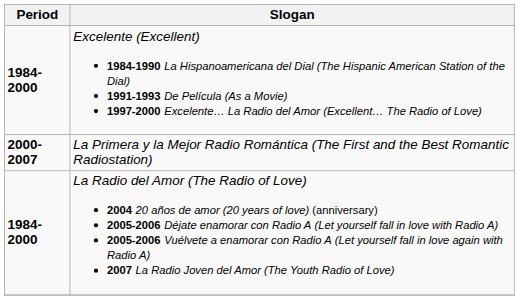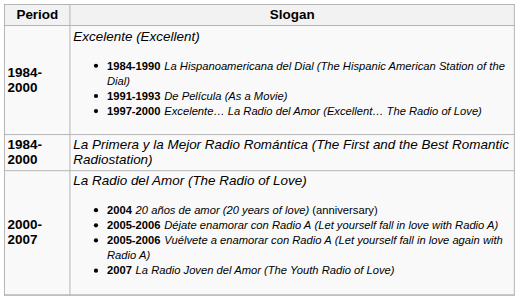 <table class="wikitable">
 <tr>
 <th>Period</th>
 <th>Slogan</th>
 </tr>
 <tr>
 <td><strong>1984-2000</strong></td>
 <td><em>Excelente</em> <em>(Excellent)</em><br><ul><li><small><strong>1984-1990</strong></small> <small><em>La Hispanoamericana del Dial</em> <em>(The Hispanic American Station of the Dial)</em></small></li><li><small><strong>1991-1993</strong></small> <small><em>De Película</em> <em>(As a Movie)</em></small></li><li><small><strong>1997-2000</strong></small> <small><em>Excelente… La Radio del Amor</em> <em>(Excellent… The Radio of Love)</em></small></li></ul></td>
 </tr>
 <tr>
-<td><strong>2000-2007</strong></td>
+<td><strong>1984-2000</strong></td>
 <td><em>La Primera y la Mejor Radio Romántica</em> <em>(The First and the Best Romantic Radiostation)</em></td>
 </tr>
 <tr>
-<td><strong>1984-2000</strong></td>
+<td><strong>2000-2007</strong></td>
 <td><em>La Radio del Amor</em> <em>(The Radio of Love)</em><br><ul><li><small><strong>2004</strong></small> <small><em>20 años de amor</em> <em>(20 years of love)</em> (anniversary)</small></li><li><small><strong>2005-2006</strong></small>  <small><em>Déjate enamorar con Radio A</em> <em>(Let yourself fall in love with Radio A)</em></small></li><li><small><strong>2005-2006</strong></small> <small><em>Vuélvete a enamorar con Radio A</em> <em>(Let yourself fall in love again with Radio A)</em></small></li><li><small><strong>2007</strong></small> <small><em>La Radio Joven del Amor</em> <em>(The Youth Radio of Love)</em></small></li></ul></td>
 </tr>
 <tr>
 </tr>
 </table>
